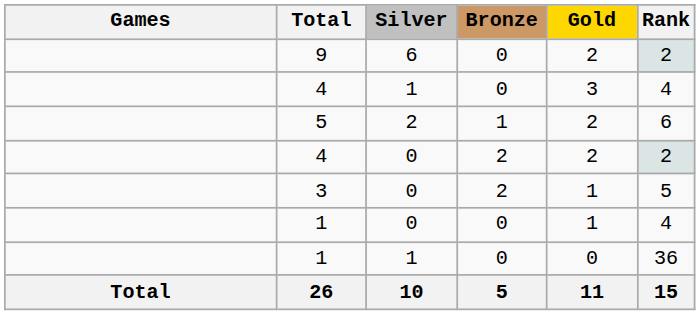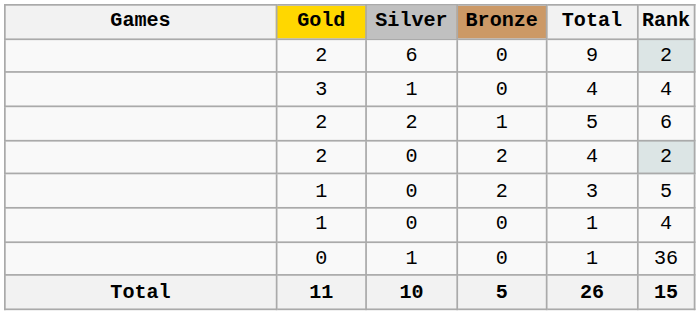 <table class="wikitable" style="text-align:center; font-size:90%;">
 <tr>
 <th style="width:13em;">Games</th>
-<th style="width:4em;">Total</th>
+<th style="width:4em; background:gold;">Gold</th>
 <th style="width:4em; background:silver;">Silver</th>
 <th style="width:4em; background:#cc9966;">Bronze</th>
-<th style="width:4em; background:gold;">Gold</th>
+<th style="width:4em;">Total</th>
 <th style="width:2em;">Rank</th>
 </tr>
 <tr>
 <td align=left></td>
-<td>9</td>
+<td>2</td>
 <td>6</td>
 <td>0</td>
-<td>2</td>
-<td bgcolor=dce5e5>2</td>
-</tr>
-<tr>
-<td align=left></td>
-<td>4</td>
-<td>1</td>
-<td>0</td>
-<td>3</td>
-<td>4</td>
-</tr>
-<tr>
-<td align=left></td>
-<td>5</td>
-<td>2</td>
-<td>1</td>
-<td>2</td>
-<td>6</td>
-</tr>
-<tr>
-<td align=left></td>
-<td>4</td>
-<td>0</td>
-<td>2</td>
-<td>2</td>
+<td>9</td>
 <td bgcolor=dce5e5>2</td>
 </tr>
 <tr>
 <td align=left></td>
 <td>3</td>
+<td>1</td>
+<td>0</td>
+<td>4</td>
+<td>4</td>
+</tr>
+<tr>
+<td align=left></td>
+<td>2</td>
+<td>2</td>
+<td>1</td>
+<td>5</td>
+<td>6</td>
+</tr>
+<tr>
+<td align=left></td>
+<td>2</td>
 <td>0</td>
 <td>2</td>
+<td>4</td>
+<td bgcolor=dce5e5>2</td>
+</tr>
+<tr>
+<td align=left></td>
 <td>1</td>
+<td>0</td>
+<td>2</td>
+<td>3</td>
 <td>5</td>
 </tr>
 <tr>
 <td align=left></td>
 <td>1</td>
 <td>0</td>
 <td>0</td>
 <td>1</td>
 <td>4</td>
 </tr>
 <tr>
 <td align=left></td>
-<td>1</td>
+<td>0</td>
 <td>1</td>
 <td>0</td>
-<td>0</td>
+<td>1</td>
 <td>36</td>
 </tr>
 <tr>
 <th>Total</th>
-<th>26</th>
+<th>11</th>
 <th>10</th>
 <th>5</th>
-<th>11</th>
+<th>26</th>
 <th>15</th>
 </tr>
 </table>
